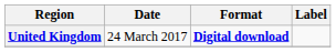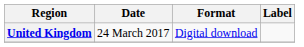 <table class="wikitable sortable plainrowheaders" style="text-align:center">
 <tr>
 <th>Region</th>
 <th>Date</th>
 <th>Format</th>
 <th>Label</th>
 </tr>
 <tr>
 <th scope="row"><a href='#'>United Kingdom</a></th>
 <td>24 March 2017</td>
-<td><strong><a href='#'>Digital download</a></strong></td>
+<td><a href='#'>Digital download</a></td>
 <td></td>
 </tr>
 <tr>
 </tr>
 </table>
